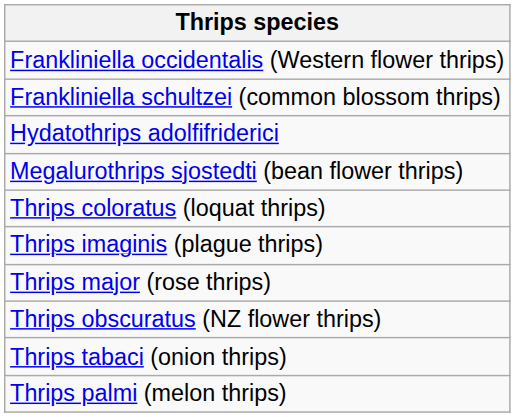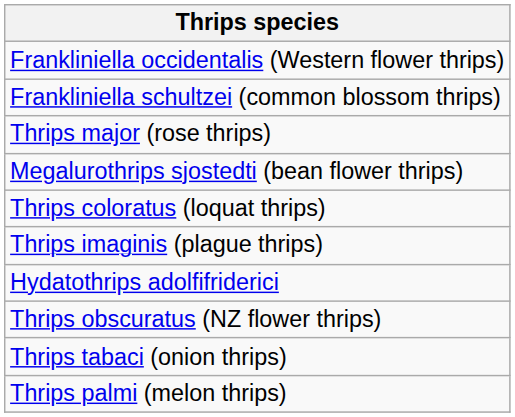 <table class="wikitable">
 <tr>
 <th>Thrips species</th>
 </tr>
 <tr>
 <td><a href='#'>Frankliniella occidentalis</a> (Western flower thrips)</td>
 </tr>
 <tr>
 <td><a href='#'>Frankliniella schultzei</a> (common blossom thrips)</td>
 </tr>
 <tr>
-<td><a href='#'>Hydatothrips adolfifriderici</a></td>
+<td><a href='#'>Thrips major</a> (rose thrips)</td>
 </tr>
 <tr>
 <td><a href='#'>Megalurothrips sjostedti</a> (bean flower thrips)</td>
 </tr>
 <tr>
 <td><a href='#'>Thrips coloratus</a> (loquat thrips)</td>
 </tr>
 <tr>
 <td><a href='#'>Thrips imaginis</a> (plague thrips)</td>
 </tr>
 <tr>
-<td><a href='#'>Thrips major</a> (rose thrips)</td>
+<td><a href='#'>Hydatothrips adolfifriderici</a></td>
 </tr>
 <tr>
 <td><a href='#'>Thrips obscuratus</a> (NZ flower thrips)</td>
 </tr>
 <tr>
 <td><a href='#'>Thrips tabaci</a> (onion thrips)</td>
 </tr>
 <tr>
 <td><a href='#'>Thrips palmi</a> (melon thrips)</td>
 </tr>
 </table>
